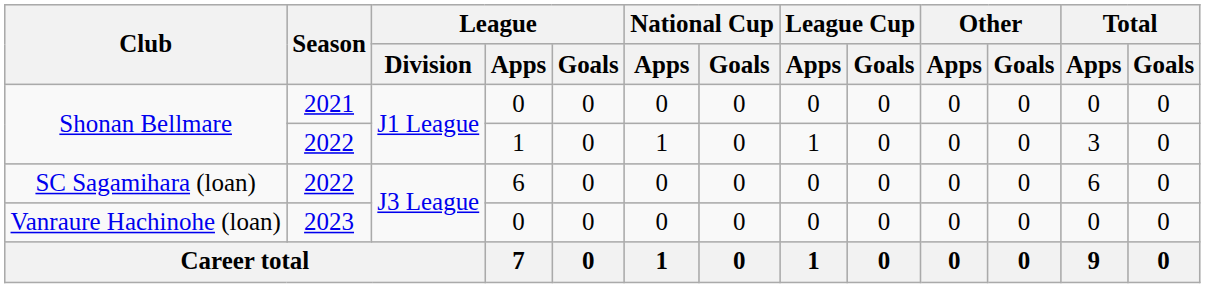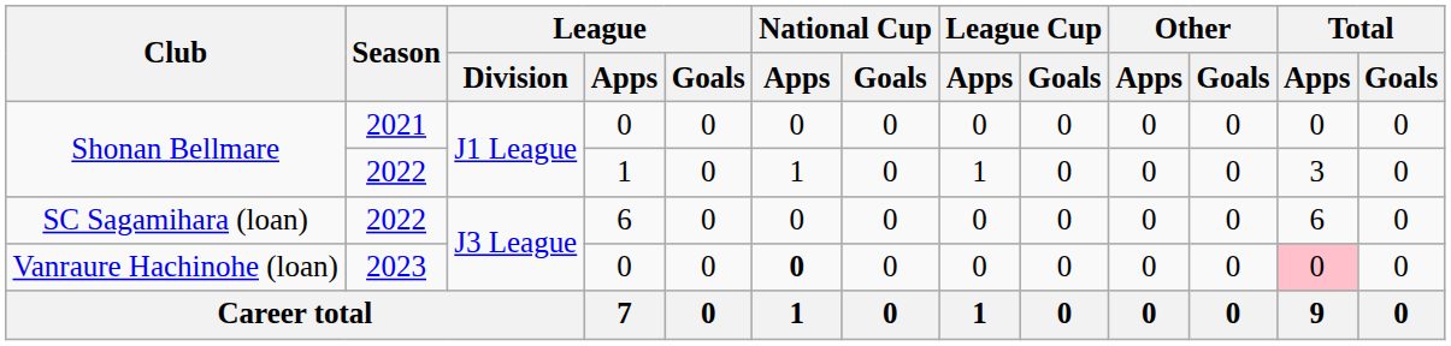 <table class="wikitable" style="text-align: center">
 <tr>
 <th rowspan="2">Club</th>
 <th rowspan="2">Season</th>
 <th colspan="3">League</th>
 <th colspan="2">National Cup</th>
 <th colspan="2">League Cup</th>
 <th colspan="2">Other</th>
 <th colspan="2">Total</th>
 </tr>
 <tr>
 <th>Division</th>
 <th>Apps</th>
 <th>Goals</th>
 <th>Apps</th>
 <th>Goals</th>
 <th>Apps</th>
 <th>Goals</th>
 <th>Apps</th>
 <th>Goals</th>
 <th>Apps</th>
 <th>Goals</th>
 </tr>
 <tr>
 <td rowspan="2"><a href='#'>Shonan Bellmare</a></td>
 <td><a href='#'>2021</a></td>
 <td rowspan="2"><a href='#'>J1 League</a></td>
 <td>0</td>
 <td>0</td>
 <td>0</td>
 <td>0</td>
 <td>0</td>
 <td>0</td>
 <td>0</td>
 <td>0</td>
 <td>0</td>
 <td>0</td>
 </tr>
 <tr>
 <td><a href='#'>2022</a></td>
 <td>1</td>
 <td>0</td>
 <td>1</td>
 <td>0</td>
 <td>1</td>
 <td>0</td>
 <td>0</td>
 <td>0</td>
 <td>3</td>
 <td>0</td>
 </tr>
 <tr>
 <td><a href='#'>SC Sagamihara</a> (loan)</td>
 <td><a href='#'>2022</a></td>
 <td rowspan=2><a href='#'>J3 League</a></td>
 <td>6</td>
 <td>0</td>
 <td>0</td>
 <td>0</td>
 <td>0</td>
 <td>0</td>
 <td>0</td>
 <td>0</td>
 <td>6</td>
 <td>0</td>
 </tr>
 <tr>
 <td><a href='#'>Vanraure Hachinohe</a> (loan)</td>
 <td><a href='#'>2023</a></td>
 <td>0</td>
 <td>0</td>
+<td><strong>0</strong></td>
 <td>0</td>
 <td>0</td>
 <td>0</td>
 <td>0</td>
 <td>0</td>
-<td>0</td>
-<td>0</td>
+<td style="background: pink;">0</td>
 <td>0</td>
 </tr>
 <tr>
 <th colspan=3>Career total</th>
 <th>7</th>
 <th>0</th>
 <th>1</th>
 <th>0</th>
 <th>1</th>
 <th>0</th>
 <th>0</th>
 <th>0</th>
 <th>9</th>
 <th>0</th>
 </tr>
 </table>
